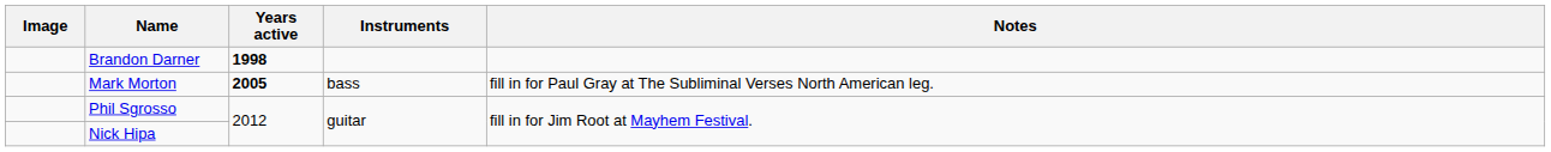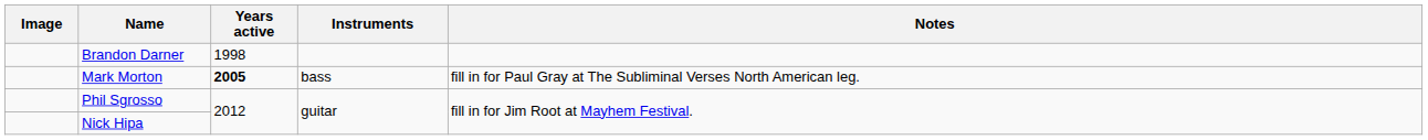 <table class="wikitable" border="1" width="100%">
 <tr>
 <th width="75">Image</th>
 <th width="140">Name</th>
 <th width="90">Years active</th>
 <th width="160">Instruments</th>
 <th>Notes</th>
 </tr>
 <tr>
 <td></td>
 <td><a href='#'>Brandon Darner</a></td>
-<td><strong>1998</strong></td>
+<td>1998</td>
 <td></td>
 <td></td>
 </tr>
 <tr>
 <td></td>
 <td><a href='#'>Mark Morton</a></td>
 <td><strong>2005</strong></td>
 <td>bass</td>
 <td>fill in for Paul Gray at The Subliminal Verses North American leg.</td>
 </tr>
 <tr>
 <td></td>
 <td><a href='#'>Phil Sgrosso</a></td>
 <td rowspan="2">2012</td>
 <td rowspan="2">guitar</td>
 <td rowspan="2">fill in for Jim Root at <a href='#'>Mayhem Festival</a>.</td>
 </tr>
 <tr>
 <td></td>
 <td><a href='#'>Nick Hipa</a></td>
 </tr>
 </table>
